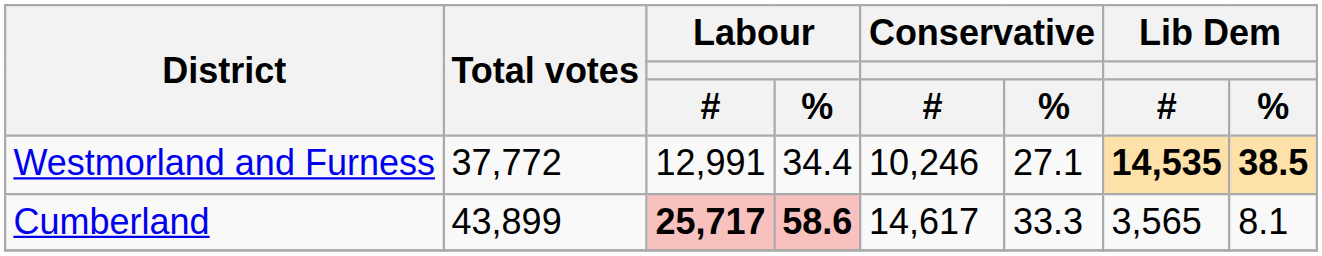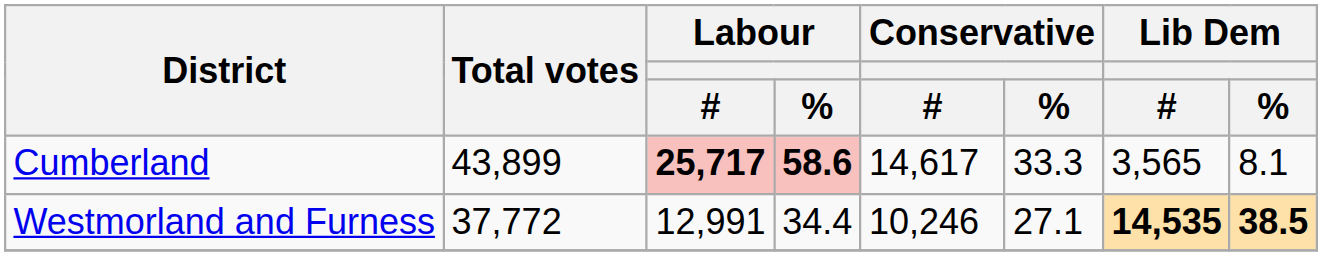 <table class="wikitable sortable">
 <tr>
 <th rowspan=3>District</th>
 <th rowspan=3>Total votes</th>
 <th colspan="2">Labour</th>
 <th colspan="2">Conservative</th>
 <th colspan="2">Lib Dem</th>
 </tr>
 <tr>
 <th colspan="2" style="background:"></th>
 <th colspan="2" style="background:"></th>
 <th colspan="2" style="background:"></th>
 </tr>
 <tr>
 <th>#</th>
 <th>%</th>
 <th>#</th>
 <th>%</th>
 <th>#</th>
 <th>%</th>
 </tr>
 <tr>
+<td><a href='#'>Cumberland</a></td>
+<td>43,899</td>
+<td style="background:#F8C1BE;"><strong>25,717</strong></td>
+<td style="background:#F8C1BE;"><strong>58.6</strong></td>
+<td>14,617</td>
+<td>33.3</td>
+<td>3,565</td>
+<td>8.1</td>
+</tr>
+<tr>
 <td><a href='#'>Westmorland and Furness</a></td>
 <td>37,772</td>
 <td>12,991</td>
 <td>34.4</td>
 <td>10,246</td>
 <td>27.1</td>
 <td style="background:#FEE1A8;"><strong>14,535</strong></td>
 <td style="background:#FEE1A8;"><strong>38.5</strong></td>
 </tr>
 <tr>
-<td><a href='#'>Cumberland</a></td>
-<td>43,899</td>
-<td style="background:#F8C1BE;"><strong>25,717</strong></td>
-<td style="background:#F8C1BE;"><strong>58.6</strong></td>
-<td>14,617</td>
-<td>33.3</td>
-<td>3,565</td>
-<td>8.1</td>
-</tr>
-<tr>
 </tr>
 </table>
